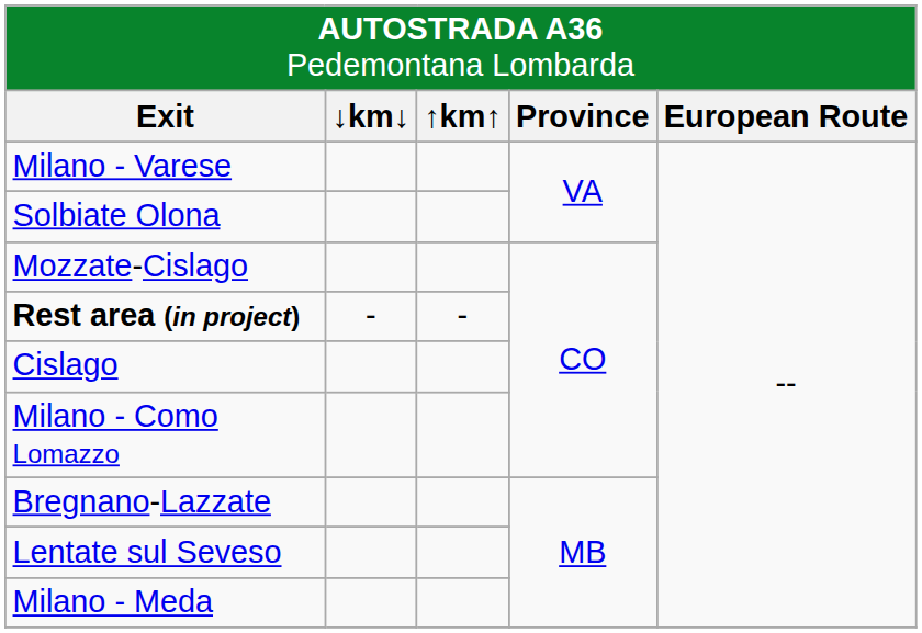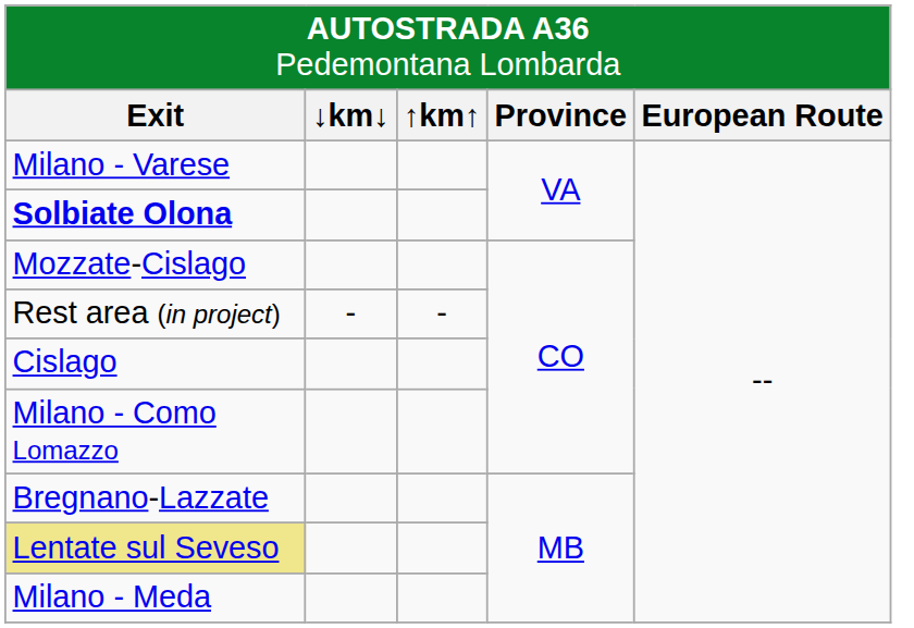 <table class="wikitable">
 <tr align="center" bgcolor="08842C" style="color: white;">
 <td colspan="5"><strong> AUTOSTRADA A36</strong><br>Pedemontana Lombarda</td>
 </tr>
 <tr>
 <th style="text-align:center;"><strong>Exit</strong></th>
 <th style="text-align:center;"><strong>↓km↓</strong></th>
 <th style="text-align:center;"><strong>↑km↑</strong></th>
 <th align="center"><strong>Province</strong></th>
 <th align="center"><strong>European Route</strong></th>
 </tr>
 <tr>
 <td>  <a href='#'>Milano - Varese</a></td>
 <td align="center"></td>
 <td align="center"></td>
 <td rowspan=2 align="center"><a href='#'>VA</a></td>
 <td rowspan=9 align="center">--</td>
 </tr>
 <tr>
-<td> <a href='#'>Solbiate Olona</a></td>
+<td><strong> <a href='#'>Solbiate Olona</a></strong></td>
 <td align="center"></td>
 <td align="center"></td>
 </tr>
 <tr>
 <td>  <a href='#'>Mozzate</a>-<a href='#'>Cislago</a></td>
 <td align="center"></td>
 <td align="center"></td>
 <td rowspan=4 align="center"><a href='#'>CO</a></td>
 </tr>
 <tr>
-<td><strong> Rest area <small>(<em>in project</em>)</small>  </strong></td>
+<td> Rest area <small>(<em>in project</em>)</small>  </td>
 <td align="center">-</td>
 <td align="center">-</td>
 </tr>
 <tr>
 <td> <a href='#'>Cislago</a></td>
 <td align="center"></td>
 <td align="center"></td>
 </tr>
 <tr>
 <td>  <a href='#'>Milano - Como</a><br><small><a href='#'>Lomazzo</a> </small></td>
 <td align="center"></td>
 <td align="center"></td>
 </tr>
 <tr>
 <td> <a href='#'>Bregnano</a>-<a href='#'>Lazzate</a></td>
 <td align="center"></td>
 <td align="center"></td>
 <td rowspan=4 align="center"><a href='#'>MB</a></td>
 </tr>
 <tr>
-<td> <a href='#'>Lentate sul Seveso</a></td>
+<td style="background: khaki;"> <a href='#'>Lentate sul Seveso</a></td>
 <td align="center"></td>
 <td align="center"></td>
 </tr>
 <tr>
 <td>  <a href='#'>Milano - Meda</a></td>
 <td align="center"></td>
 <td align="center"></td>
 </tr>
 </table>
